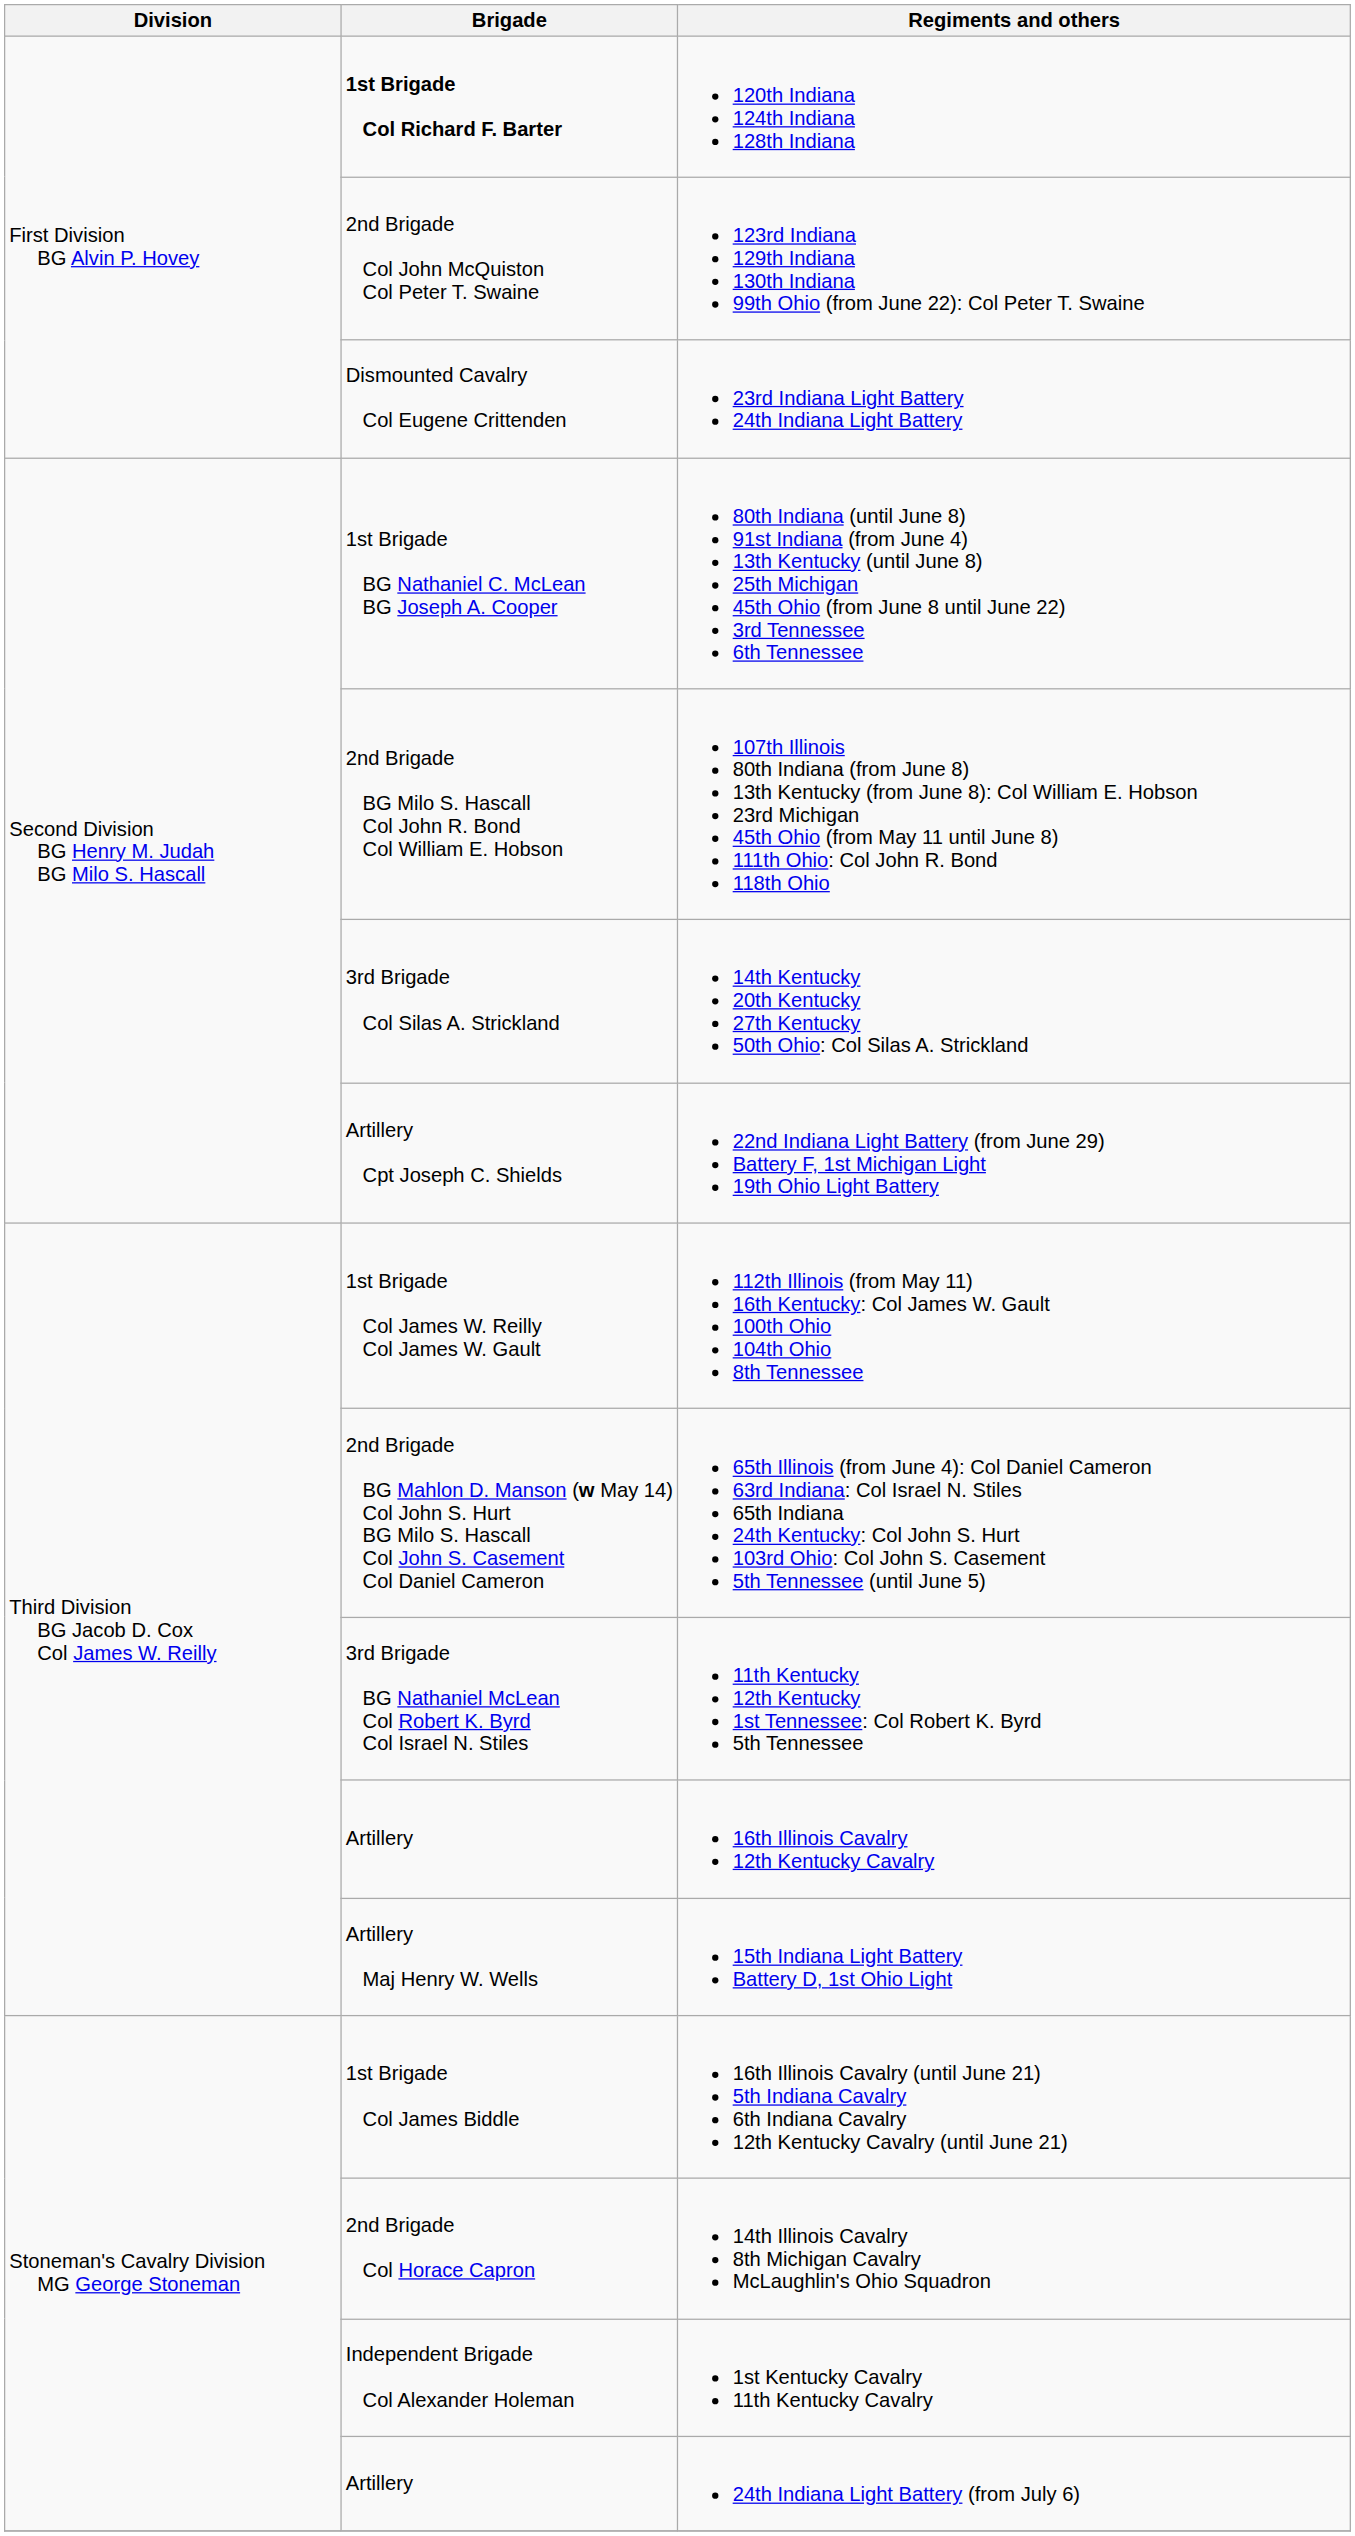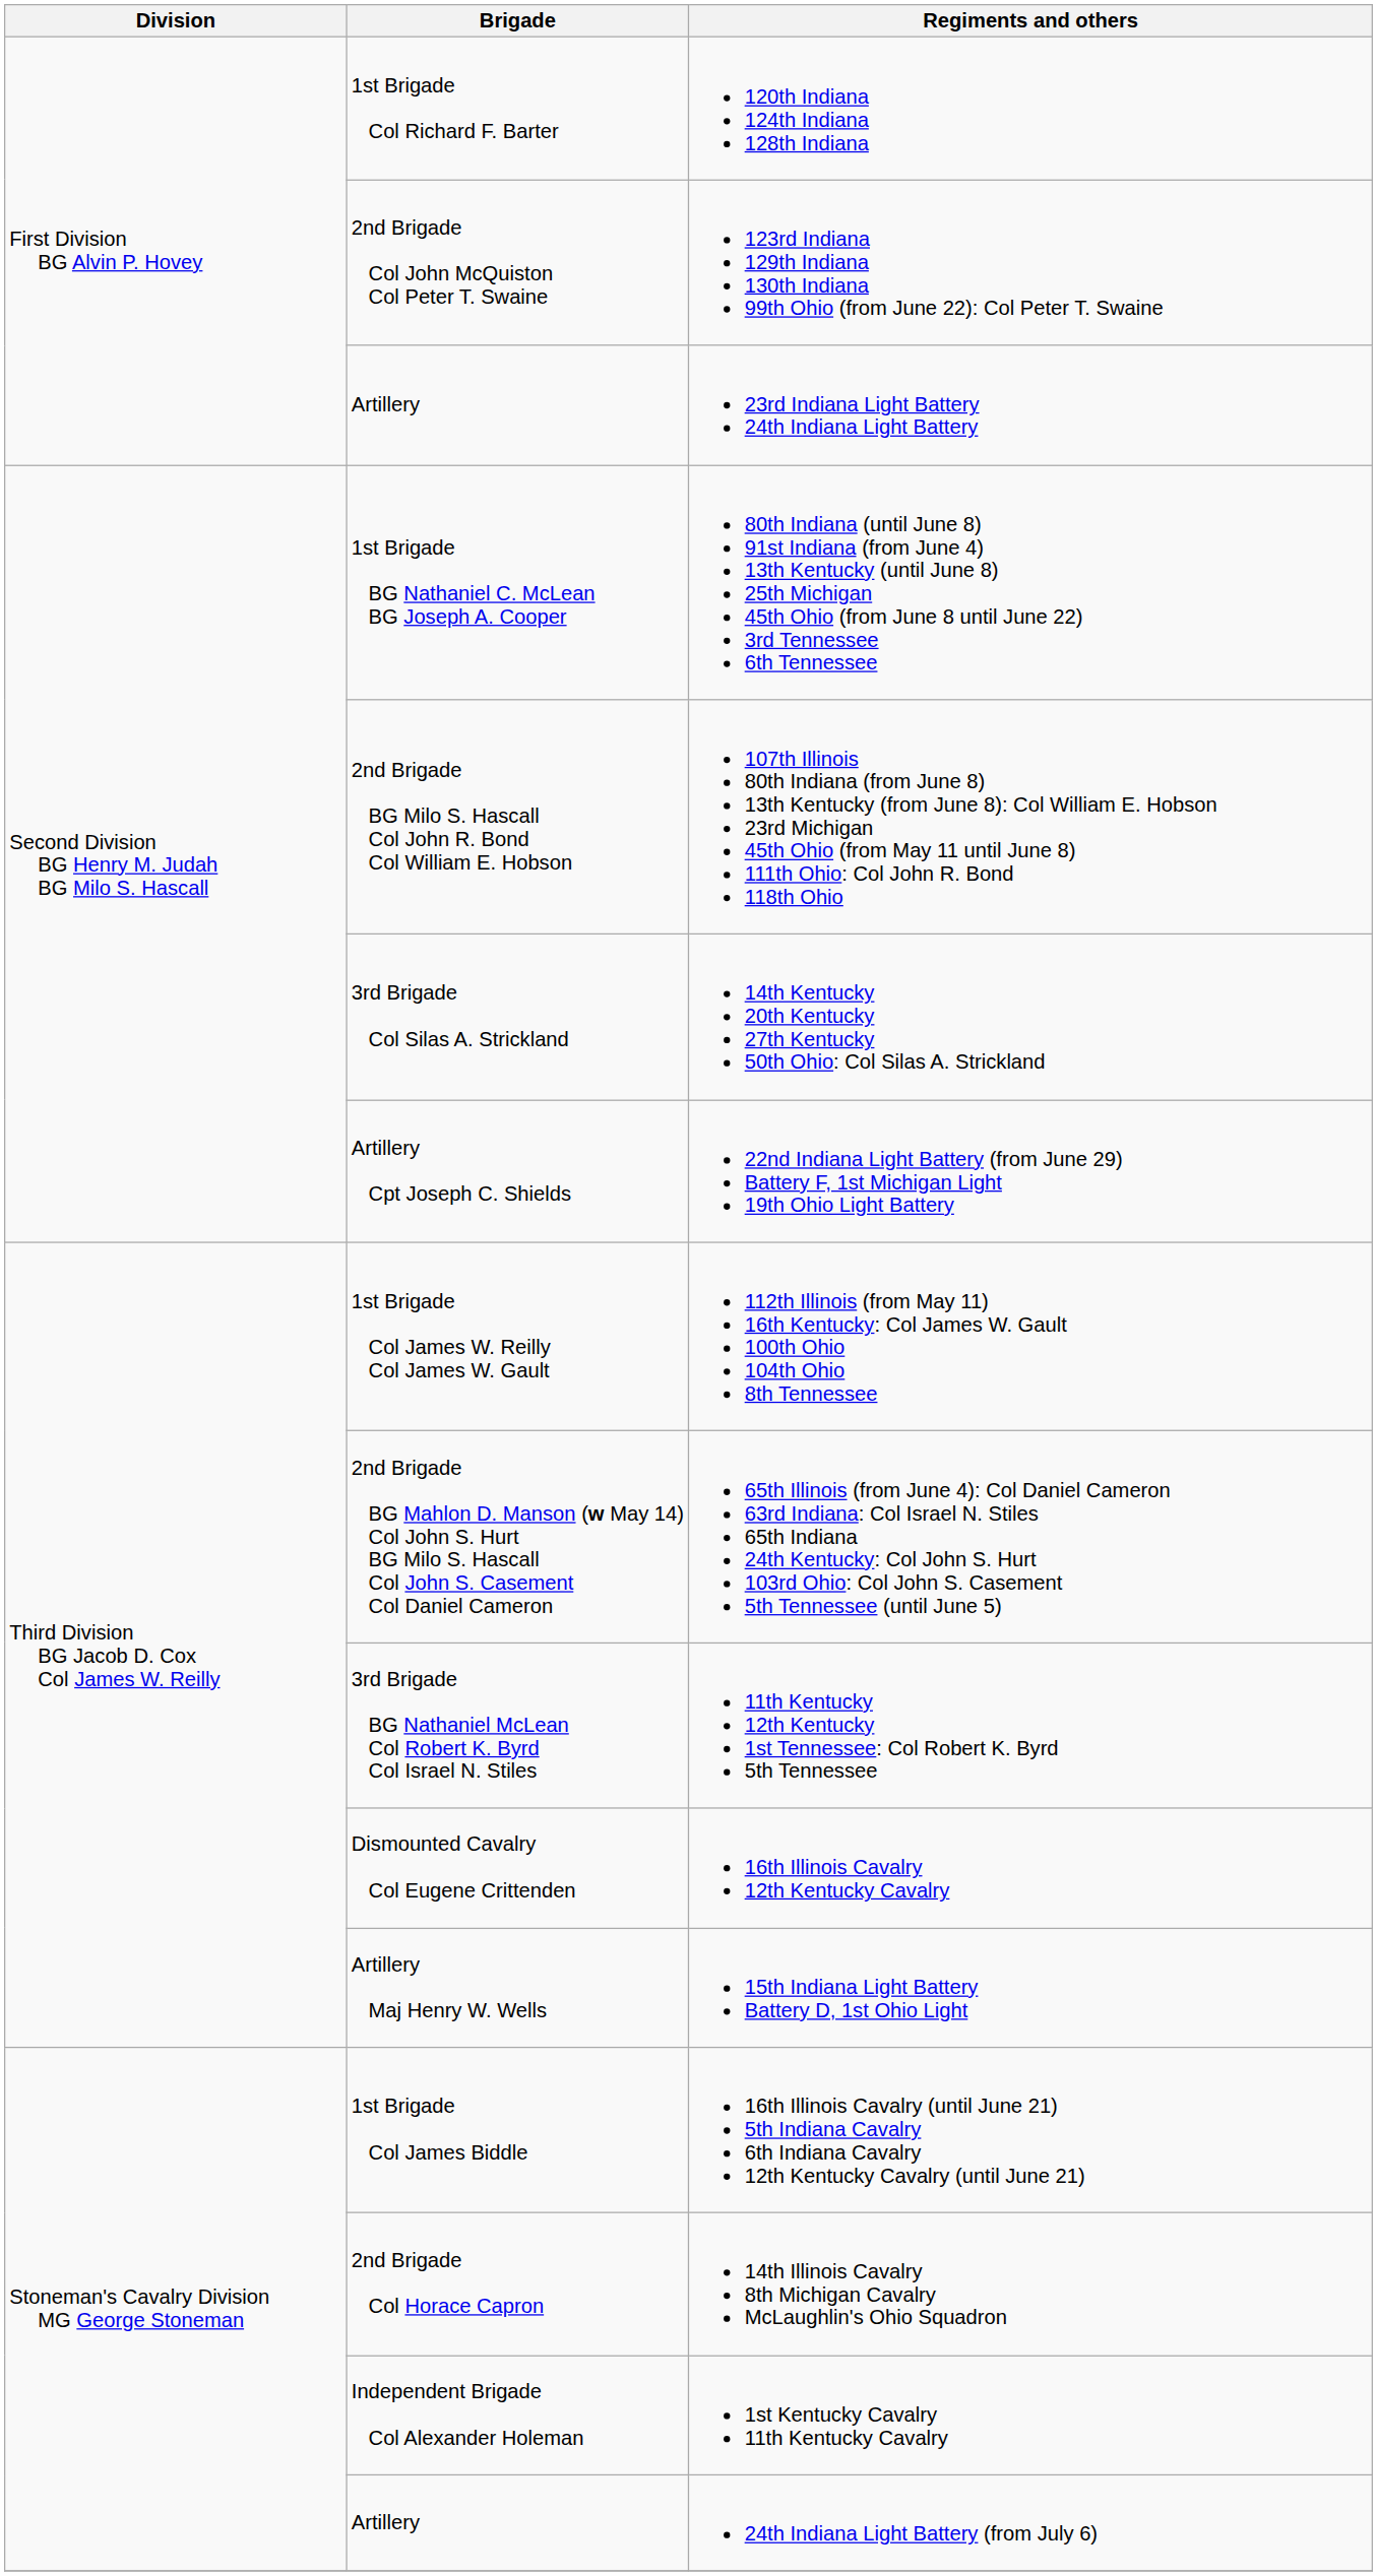 <table class="wikitable">
 <tr>
 <th width=25%>Division</th>
 <th width=25%>Brigade</th>
 <th>Regiments and others</th>
 </tr>
 <tr>
 <td rowspan=3><br>First Division <br>     BG <a href='#'>Alvin P. Hovey</a><br>  </td>
-<td><strong>1st Brigade<br><br>   Col Richard F. Barter</strong></td>
+<td>1st Brigade<br><br>   Col Richard F. Barter</td>
 <td><br><ul><li><a href='#'>120th Indiana</a></li><li><a href='#'>124th Indiana</a></li><li><a href='#'>128th Indiana</a></li></ul></td>
 </tr>
 <tr>
 <td>2nd Brigade<br><br>   Col John McQuiston<br>   Col Peter T. Swaine</td>
 <td><br><ul><li><a href='#'>123rd Indiana</a></li><li><a href='#'>129th Indiana</a></li><li><a href='#'>130th Indiana</a></li><li><a href='#'>99th Ohio</a> (from June 22): Col Peter T. Swaine</li></ul></td>
 </tr>
 <tr>
-<td>Dismounted Cavalry<br><br>   Col Eugene Crittenden</td>
+<td>Artillery</td>
 <td><br><ul><li><a href='#'>23rd Indiana Light Battery</a></li><li><a href='#'>24th Indiana Light Battery</a></li></ul></td>
 </tr>
 <tr>
 <td rowspan=4><br>Second Division <br>     BG <a href='#'>Henry M. Judah</a><br>     BG <a href='#'>Milo S. Hascall</a></td>
 <td>1st Brigade<br><br>   BG <a href='#'>Nathaniel C. McLean</a><br>   BG <a href='#'>Joseph A. Cooper</a></td>
 <td><br><ul><li><a href='#'>80th Indiana</a> (until June 8)</li><li><a href='#'>91st Indiana</a> (from June 4)</li><li><a href='#'>13th Kentucky</a> (until June 8)</li><li><a href='#'>25th Michigan</a></li><li><a href='#'>45th Ohio</a> (from June 8 until June 22)</li><li><a href='#'>3rd Tennessee</a></li><li><a href='#'>6th Tennessee</a></li></ul></td>
 </tr>
 <tr>
 <td>2nd Brigade<br><br>   BG Milo S. Hascall<br>   Col John R. Bond<br>   Col William E. Hobson</td>
 <td><br><ul><li><a href='#'>107th Illinois</a></li><li>80th Indiana (from June 8)</li><li>13th Kentucky (from June 8): Col William E. Hobson</li><li>23rd Michigan</li><li><a href='#'>45th Ohio</a> (from May 11 until June 8)</li><li><a href='#'>111th Ohio</a>: Col John R. Bond</li><li><a href='#'>118th Ohio</a></li></ul></td>
 </tr>
 <tr>
 <td>3rd Brigade<br><br>   Col Silas A. Strickland</td>
 <td><br><ul><li><a href='#'>14th Kentucky</a></li><li><a href='#'>20th Kentucky</a></li><li><a href='#'>27th Kentucky</a></li><li><a href='#'>50th Ohio</a>: Col Silas A. Strickland</li></ul></td>
 </tr>
 <tr>
 <td>Artillery<br><br>   Cpt Joseph C. Shields</td>
 <td><br><ul><li><a href='#'>22nd Indiana Light Battery</a> (from June 29)</li><li><a href='#'>Battery F, 1st Michigan Light</a></li><li><a href='#'>19th Ohio Light Battery</a></li></ul></td>
 </tr>
 <tr>
 <td rowspan=5><br>Third Division <br>     BG Jacob D. Cox<br>     Col <a href='#'>James W. Reilly</a></td>
 <td>1st Brigade<br><br>   Col James W. Reilly<br>   Col James W. Gault</td>
 <td><br><ul><li><a href='#'>112th Illinois</a> (from May 11)</li><li><a href='#'>16th Kentucky</a>: Col James W. Gault</li><li><a href='#'>100th Ohio</a></li><li><a href='#'>104th Ohio</a></li><li><a href='#'>8th Tennessee</a></li></ul></td>
 </tr>
 <tr>
 <td>2nd Brigade<br><br>   BG <a href='#'>Mahlon D. Manson</a> (<strong>w</strong> May 14)<br>   Col John S. Hurt<br>   BG Milo S. Hascall<br>   Col <a href='#'>John S. Casement</a><br>   Col Daniel Cameron</td>
 <td><br><ul><li><a href='#'>65th Illinois</a> (from June 4): Col Daniel Cameron</li><li><a href='#'>63rd Indiana</a>: Col Israel N. Stiles</li><li>65th Indiana</li><li><a href='#'>24th Kentucky</a>: Col John S. Hurt</li><li><a href='#'>103rd Ohio</a>: Col John S. Casement</li><li><a href='#'>5th Tennessee</a> (until June 5)</li></ul></td>
 </tr>
 <tr>
 <td>3rd Brigade<br><br>   BG <a href='#'>Nathaniel McLean</a><br>   Col <a href='#'>Robert K. Byrd</a><br>   Col Israel N. Stiles</td>
 <td><br><ul><li><a href='#'>11th Kentucky</a></li><li><a href='#'>12th Kentucky</a></li><li><a href='#'>1st Tennessee</a>: Col Robert K. Byrd</li><li>5th Tennessee</li></ul></td>
 </tr>
 <tr>
-<td>Artillery</td>
+<td>Dismounted Cavalry<br><br>   Col Eugene Crittenden</td>
 <td><br><ul><li><a href='#'>16th Illinois Cavalry</a></li><li><a href='#'>12th Kentucky Cavalry</a></li></ul></td>
 </tr>
 <tr>
 <td>Artillery<br><br>   Maj Henry W. Wells</td>
 <td><br><ul><li><a href='#'>15th Indiana Light Battery</a></li><li><a href='#'>Battery D, 1st Ohio Light</a></li></ul></td>
 </tr>
 <tr>
 <td rowspan=4><br>Stoneman's Cavalry Division <br>     MG <a href='#'>George Stoneman</a><br>  </td>
 <td>1st Brigade<br><br>   Col James Biddle</td>
 <td><br><ul><li>16th Illinois Cavalry (until June 21)</li><li><a href='#'>5th Indiana Cavalry</a></li><li>6th Indiana Cavalry</li><li>12th Kentucky Cavalry (until June 21)</li></ul></td>
 </tr>
 <tr>
 <td>2nd Brigade<br><br>   Col <a href='#'>Horace Capron</a></td>
 <td><br><ul><li>14th Illinois Cavalry</li><li>8th Michigan Cavalry</li><li>McLaughlin's Ohio Squadron</li></ul></td>
 </tr>
 <tr>
 <td>Independent Brigade<br><br>   Col Alexander Holeman</td>
 <td><br><ul><li>1st Kentucky Cavalry</li><li>11th Kentucky Cavalry</li></ul></td>
 </tr>
 <tr>
 <td>Artillery</td>
 <td><br><ul><li><a href='#'>24th Indiana Light Battery</a> (from July 6)</li></ul></td>
 </tr>
 <tr>
 </tr>
 </table>
